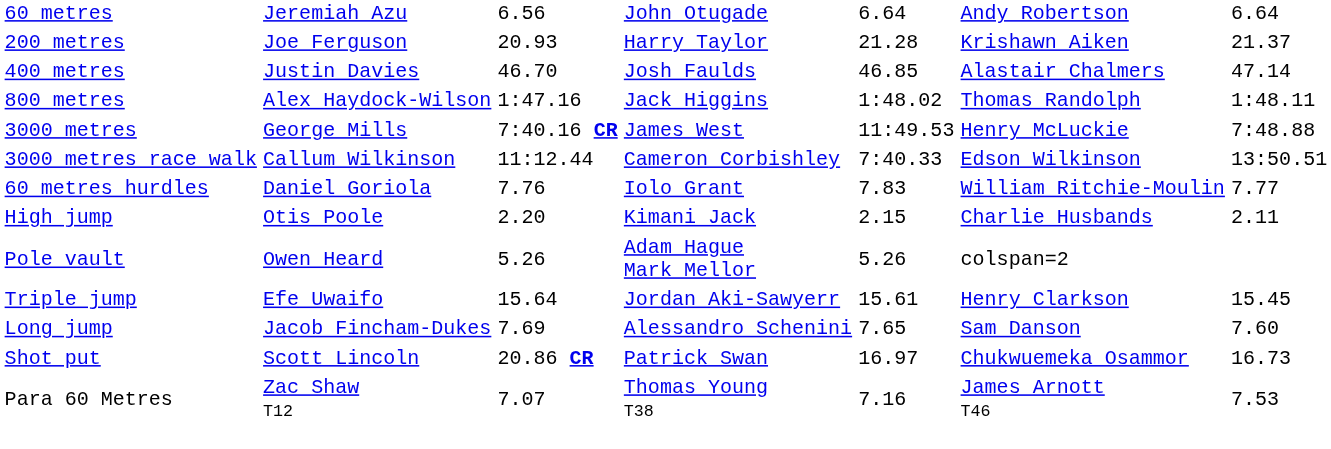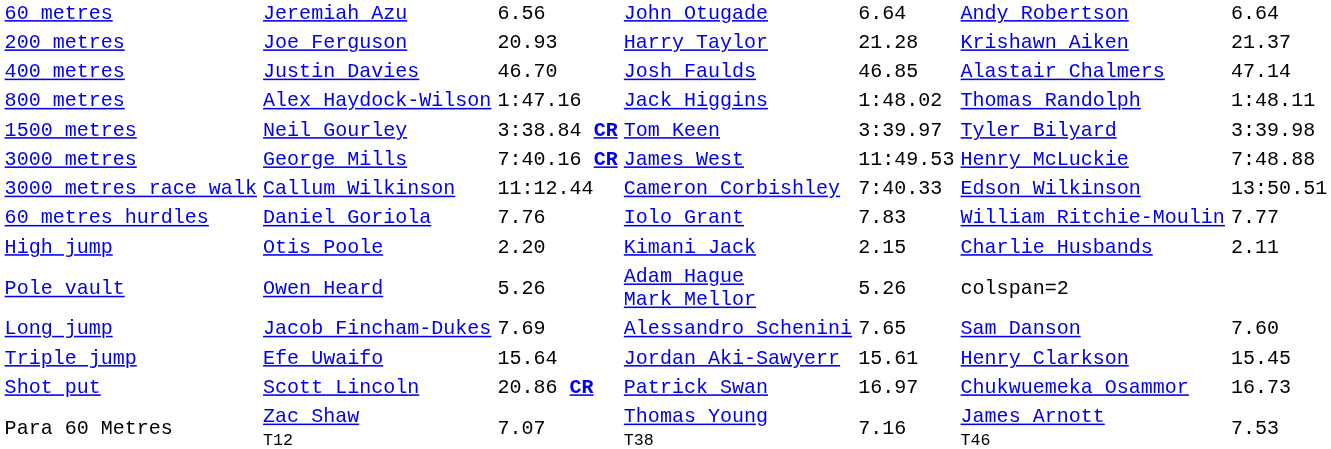 <table>
 <tr>
 <td><a href='#'>60 metres</a></td>
 <td><a href='#'>Jeremiah Azu</a></td>
 <td>6.56 </td>
 <td><a href='#'>John Otugade</a></td>
 <td>6.64</td>
 <td><a href='#'>Andy Robertson</a></td>
 <td>6.64</td>
 </tr>
 <tr>
 <td><a href='#'>200 metres</a></td>
 <td><a href='#'>Joe Ferguson</a></td>
 <td>20.93 </td>
 <td><a href='#'>Harry Taylor</a></td>
 <td>21.28</td>
 <td><a href='#'>Krishawn Aiken</a></td>
 <td>21.37</td>
 </tr>
 <tr>
 <td><a href='#'>400 metres</a></td>
 <td><a href='#'>Justin Davies</a></td>
 <td>46.70</td>
 <td><a href='#'>Josh Faulds</a></td>
 <td>46.85 </td>
 <td><a href='#'>Alastair Chalmers</a></td>
 <td>47.14</td>
 </tr>
 <tr>
 <td><a href='#'>800 metres</a></td>
 <td><a href='#'>Alex Haydock-Wilson</a></td>
 <td>1:47.16</td>
 <td><a href='#'>Jack Higgins</a></td>
 <td>1:48.02</td>
 <td><a href='#'>Thomas Randolph</a></td>
 <td>1:48.11</td>
+</tr>
+<tr>
+<td><a href='#'>1500 metres</a></td>
+<td><a href='#'>Neil Gourley</a></td>
+<td>3:38.84 <strong><a href='#'>CR</a></strong></td>
+<td><a href='#'>Tom Keen</a></td>
+<td>3:39.97</td>
+<td><a href='#'>Tyler Bilyard</a></td>
+<td>3:39.98</td>
 </tr>
 <tr>
 <td><a href='#'>3000 metres</a></td>
 <td><a href='#'>George Mills</a></td>
 <td>7:40.16 <strong><a href='#'>CR</a></strong></td>
 <td><a href='#'>James West</a></td>
 <td>11:49.53</td>
 <td><a href='#'>Henry McLuckie</a></td>
 <td>7:48.88</td>
 </tr>
 <tr>
 <td><a href='#'>3000 metres race walk</a></td>
 <td><a href='#'>Callum Wilkinson</a></td>
 <td>11:12.44</td>
 <td><a href='#'>Cameron Corbishley</a></td>
 <td>7:40.33</td>
 <td><a href='#'>Edson Wilkinson</a></td>
 <td>13:50.51</td>
 </tr>
 <tr>
 <td><a href='#'>60 metres hurdles</a></td>
 <td><a href='#'>Daniel Goriola</a></td>
 <td>7.76 </td>
 <td><a href='#'>Iolo Grant</a></td>
 <td>7.83 </td>
 <td><a href='#'>William Ritchie-Moulin</a></td>
 <td>7.77 </td>
 </tr>
 <tr>
 <td><a href='#'>High jump</a></td>
 <td><a href='#'>Otis Poole</a></td>
 <td>2.20 </td>
 <td><a href='#'>Kimani Jack</a></td>
 <td>2.15</td>
 <td><a href='#'>Charlie Husbands</a></td>
 <td>2.11</td>
 </tr>
 <tr>
 <td><a href='#'>Pole vault</a></td>
 <td><a href='#'>Owen Heard</a></td>
 <td>5.26</td>
 <td><a href='#'>Adam Hague</a> <br><a href='#'>Mark Mellor</a></td>
 <td>5.26 </td>
 <td>colspan=2 </td>
 </tr>
 <tr>
+<td><a href='#'>Long jump</a></td>
+<td><a href='#'>Jacob Fincham-Dukes</a></td>
+<td>7.69</td>
+<td><a href='#'>Alessandro Schenini</a></td>
+<td>7.65</td>
+<td><a href='#'>Sam Danson</a></td>
+<td>7.60 </td>
+</tr>
+<tr>
 <td><a href='#'>Triple jump</a></td>
 <td><a href='#'>Efe Uwaifo</a></td>
 <td>15.64</td>
 <td><a href='#'>Jordan Aki-Sawyerr</a></td>
 <td>15.61 </td>
 <td><a href='#'>Henry Clarkson</a></td>
 <td>15.45 </td>
-</tr>
-<tr>
-<td><a href='#'>Long jump</a></td>
-<td><a href='#'>Jacob Fincham-Dukes</a></td>
-<td>7.69</td>
-<td><a href='#'>Alessandro Schenini</a></td>
-<td>7.65</td>
-<td><a href='#'>Sam Danson</a></td>
-<td>7.60 </td>
 </tr>
 <tr>
 <td><a href='#'>Shot put</a></td>
 <td><a href='#'>Scott Lincoln</a></td>
 <td>20.86 <strong><a href='#'>CR</a></strong></td>
 <td><a href='#'>Patrick Swan</a></td>
 <td>16.97</td>
 <td><a href='#'>Chukwuemeka Osammor</a></td>
 <td>16.73 </td>
 </tr>
 <tr>
 <td>Para 60 Metres</td>
 <td><a href='#'>Zac Shaw</a><br><small>T12 </small></td>
 <td>7.07</td>
 <td><a href='#'>Thomas Young</a><br><small>T38</small></td>
 <td>7.16</td>
 <td><a href='#'>James Arnott</a><br><small>T46 </small></td>
 <td>7.53</td>
 </tr>
 </table>
